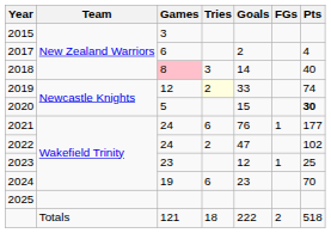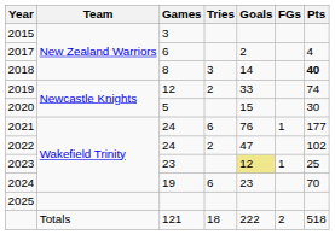 <table class="wikitable">
 <tr>
 <th>Year</th>
 <th>Team</th>
 <th>Games</th>
 <th>Tries</th>
 <th>Goals</th>
 <th>FGs</th>
 <th>Pts</th>
 </tr>
 <tr>
 <td>2015</td>
 <td rowspan="3"><a href='#'>New Zealand Warriors</a></td>
 <td>3</td>
 <td></td>
 <td></td>
 <td></td>
 <td></td>
 </tr>
 <tr>
 <td>2017</td>
 <td>6</td>
 <td></td>
 <td>2</td>
 <td></td>
 <td>4</td>
 </tr>
 <tr>
 <td>2018</td>
-<td style="background: pink;">8</td>
+<td>8</td>
 <td>3</td>
 <td>14</td>
 <td></td>
-<td>40</td>
+<td><strong>40</strong></td>
 </tr>
 <tr>
 <td>2019</td>
 <td rowspan="2"><a href='#'>Newcastle Knights</a></td>
 <td>12</td>
-<td style="background: lightyellow;">2</td>
+<td>2</td>
 <td>33</td>
 <td></td>
 <td>74</td>
 </tr>
 <tr>
 <td>2020</td>
 <td>5</td>
 <td></td>
 <td>15</td>
 <td></td>
-<td><strong>30</strong></td>
+<td>30</td>
 </tr>
 <tr>
 <td>2021</td>
 <td rowspan="4"><a href='#'>Wakefield Trinity</a></td>
 <td>24</td>
 <td>6</td>
 <td>76</td>
 <td>1</td>
 <td>177</td>
 </tr>
 <tr>
 <td>2022</td>
 <td>24</td>
 <td>2</td>
 <td>47</td>
 <td></td>
 <td>102</td>
 </tr>
 <tr>
 <td>2023</td>
 <td>23</td>
 <td></td>
-<td>12</td>
+<td style="background: khaki;">12</td>
 <td>1</td>
 <td>25</td>
 </tr>
 <tr>
 <td>2024</td>
 <td>19</td>
 <td>6</td>
 <td>23</td>
 <td></td>
 <td>70</td>
 </tr>
 <tr>
 <td>2025</td>
 <td></td>
 <td></td>
 <td></td>
 <td></td>
 <td></td>
 <td></td>
 </tr>
 <tr>
 <td></td>
 <td>Totals</td>
 <td>121</td>
 <td>18</td>
 <td>222</td>
 <td>2</td>
 <td>518</td>
 </tr>
 </table>
